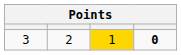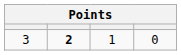 <table class="wikitable" style="text-align: center;">
 <tr>
 <th colspan=10><strong>Points</strong></th>
 </tr>
 <tr>
 <th style="width: 40px;"></th>
 <th style="width: 40px;"></th>
 <th style="width: 40px;"></th>
 <th style="width: 40px;"></th>
 </tr>
 <tr>
 <td>3</td>
-<td>2</td>
-<td style="background: gold;">1</td>
-<td><strong>0</strong></td>
+<td><strong>2</strong></td>
+<td>1</td>
+<td>0</td>
 </tr>
 </table>
